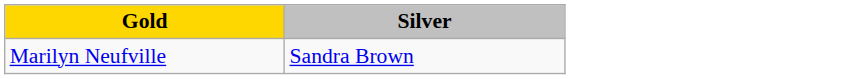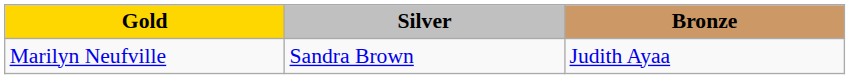 <table class="wikitable" style="text-align:left;">
 <tr>
 <th scope=col style="background-color:gold; width:200px;">Gold</th>
 <th scope=col style="background-color:silver; width:200px;">Silver</th>
+<th scope=col style="background-color:#cc9966; width:200px;">Bronze</th>
 </tr>
 <tr>
 <td><a href='#'>Marilyn Neufville</a><br><em></em></td>
 <td><a href='#'>Sandra Brown</a><br><em></em></td>
+<td><a href='#'>Judith Ayaa</a><br><em></em></td>
 </tr>
 </table>
